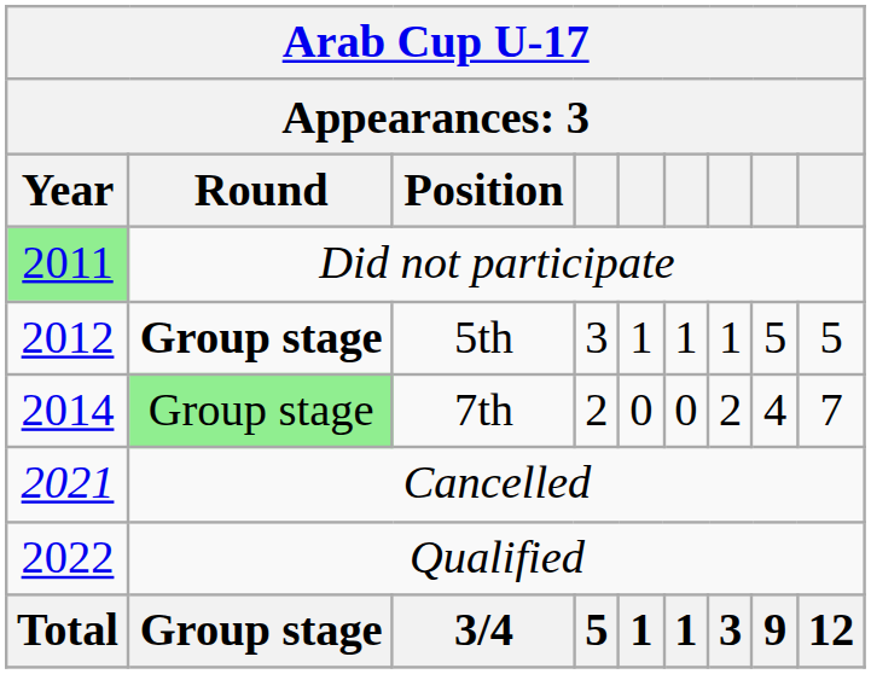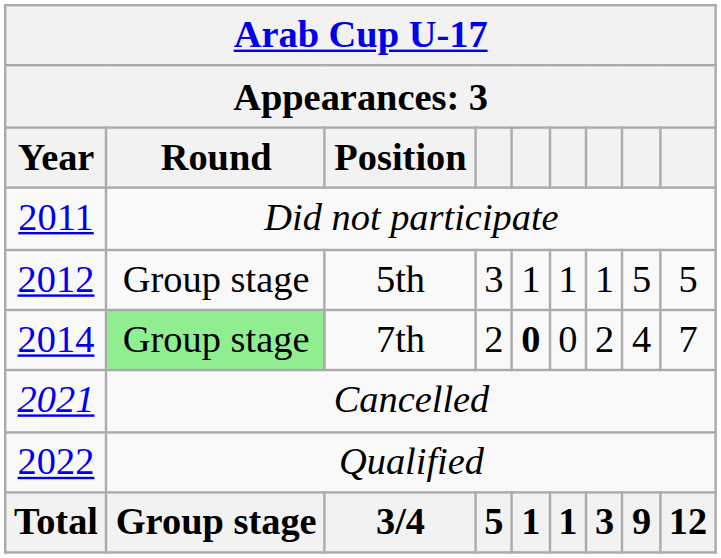 <table class="wikitable" style="text-align: center;">
 <tr>
 <th colspan=9><a href='#'>Arab Cup U-17</a></th>
 </tr>
 <tr>
 <th colspan=9>Appearances: 3</th>
 </tr>
 <tr>
 <th>Year</th>
 <th>Round</th>
 <th>Position</th>
 <th></th>
 <th></th>
 <th></th>
 <th></th>
 <th></th>
 <th></th>
 </tr>
 <tr>
-<td style="background: lightgreen;"> <a href='#'>2011</a></td>
+<td> <a href='#'>2011</a></td>
 <td colspan=8><em>Did not participate</em></td>
 </tr>
 <tr>
 <td> <a href='#'>2012</a></td>
-<td><strong>Group stage</strong></td>
+<td>Group stage</td>
 <td>5th</td>
 <td>3</td>
 <td>1</td>
 <td>1</td>
 <td>1</td>
 <td>5</td>
 <td>5</td>
 </tr>
 <tr>
 <td> <a href='#'>2014</a></td>
 <td style="background: lightgreen;">Group stage</td>
 <td>7th</td>
 <td>2</td>
-<td>0</td>
+<td><strong>0</strong></td>
 <td>0</td>
 <td>2</td>
 <td>4</td>
 <td>7</td>
 </tr>
 <tr>
 <td> <em><a href='#'>2021</a></em></td>
 <td colspan=8><em>Cancelled</em></td>
 </tr>
 <tr>
 <td> <a href='#'>2022</a></td>
 <td colspan=8><em>Qualified</em></td>
 </tr>
 <tr>
 <th>Total</th>
 <th>Group stage</th>
 <th>3/4</th>
 <th>5</th>
 <th>1</th>
 <th>1</th>
 <th>3</th>
 <th>9</th>
 <th>12</th>
 </tr>
 </table>
